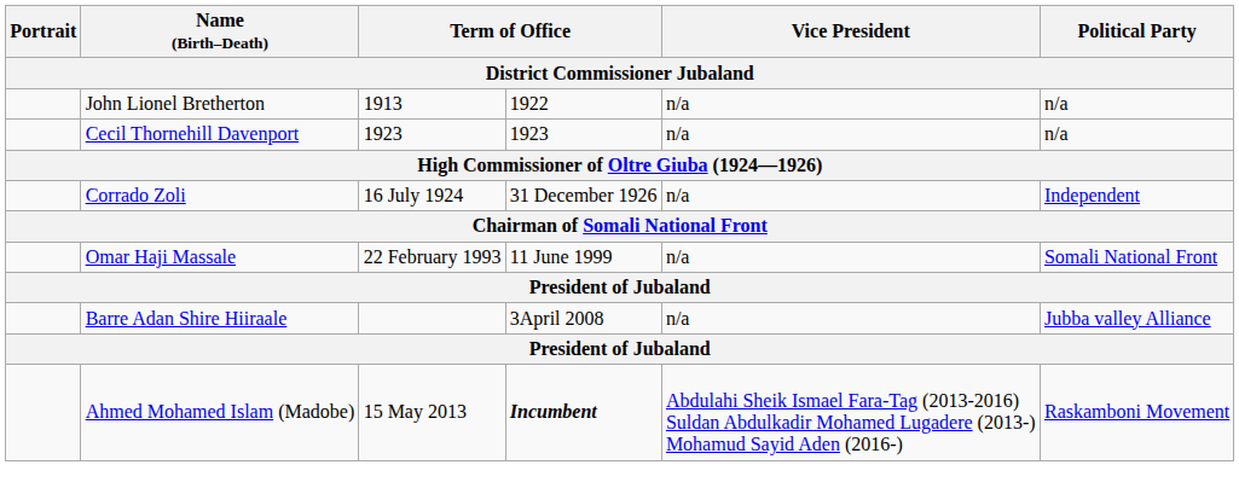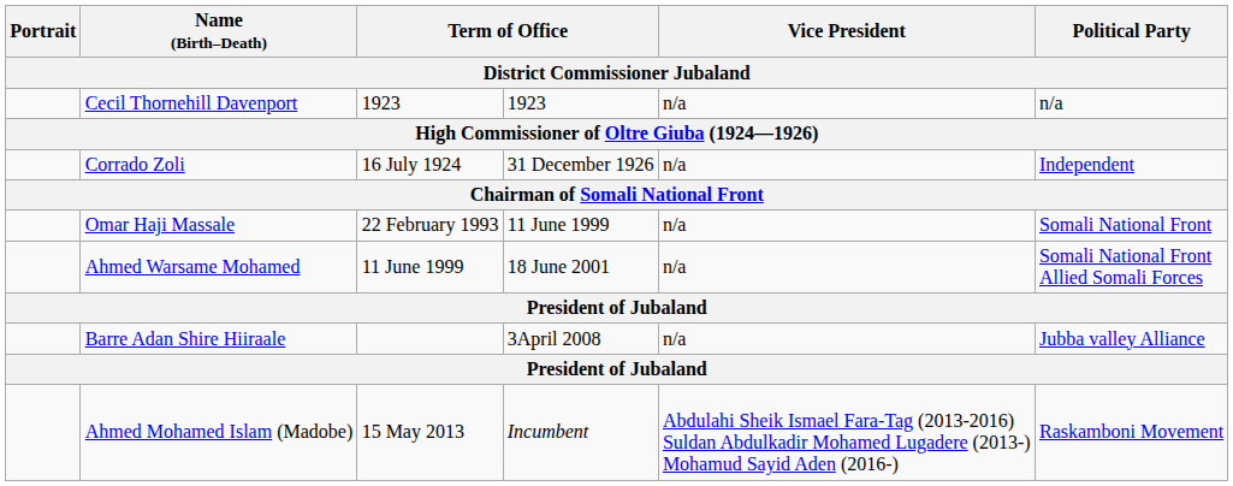 <table class="wikitable">
 <tr>
 <th>Portrait</th>
 <th>Name<br><small>(Birth–Death)</small></th>
 <th colspan="2">Term of Office</th>
 <th>Vice President</th>
 <th>Political Party</th>
 </tr>
 <tr>
 <th colspan="6"> District Commissioner Jubaland</th>
-</tr>
-<tr>
-<td></td>
-<td>John Lionel Bretherton </td>
-<td>1913</td>
-<td>1922</td>
-<td>n/a</td>
-<td>n/a</td>
 </tr>
 <tr>
 <td></td>
 <td><a href='#'>Cecil Thornehill Davenport</a> </td>
 <td>1923</td>
 <td>1923</td>
 <td>n/a</td>
 <td>n/a</td>
 </tr>
 <tr>
 <th colspan="6"> High Commissioner of <a href='#'>Oltre Giuba</a> (1924—1926)</th>
 </tr>
 <tr>
 <td></td>
 <td><a href='#'>Corrado Zoli</a> </td>
 <td>16 July 1924</td>
 <td>31 December 1926</td>
 <td>n/a</td>
 <td><a href='#'>Independent</a></td>
 </tr>
 <tr>
 <th colspan="6">Chairman of <a href='#'>Somali National Front</a></th>
 </tr>
 <tr>
 <td></td>
 <td><a href='#'>Omar Haji Massale</a></td>
 <td>22 February 1993</td>
 <td>11 June 1999</td>
 <td>n/a</td>
 <td><a href='#'>Somali National Front</a></td>
 </tr>
 <tr>
+<td></td>
+<td><a href='#'>Ahmed Warsame Mohamed</a> </td>
+<td>11 June 1999</td>
+<td>18 June 2001</td>
+<td>n/a</td>
+<td><a href='#'>Somali National Front</a><br><a href='#'>Allied Somali Forces</a></td>
+</tr>
+<tr>
 <th colspan="6"> President of Jubaland</th>
 </tr>
 <tr>
 <td></td>
 <td><a href='#'>Barre Adan Shire Hiiraale</a></td>
 <td></td>
 <td>3April 2008</td>
 <td>n/a</td>
 <td><a href='#'>Jubba valley Alliance</a></td>
 </tr>
 <tr>
 <th colspan="6"> President of Jubaland</th>
 </tr>
 <tr>
 <td></td>
 <td><a href='#'>Ahmed Mohamed Islam</a> (Madobe) </td>
 <td>15 May 2013</td>
-<td><strong><em>Incumbent</em></strong></td>
+<td><em>Incumbent</em></td>
 <td><br><a href='#'>Abdulahi Sheik Ismael Fara-Tag</a> (2013-2016)<br> <a href='#'>Suldan Abdulkadir Mohamed Lugadere</a> (2013-)<br> <a href='#'>Mohamud Sayid Aden</a> (2016-)</td>
 <td><a href='#'>Raskamboni Movement</a></td>
 </tr>
 </table>
